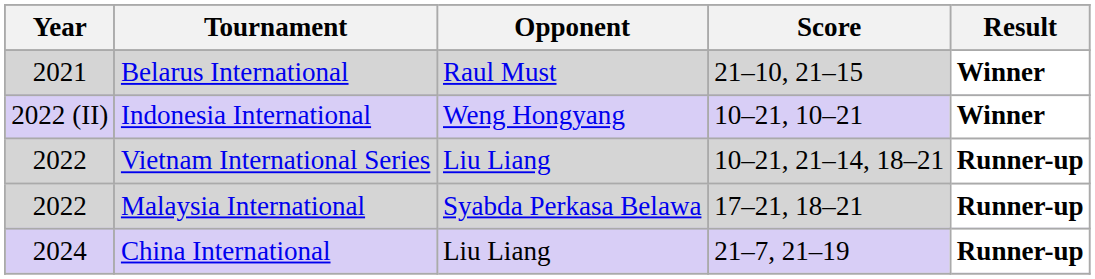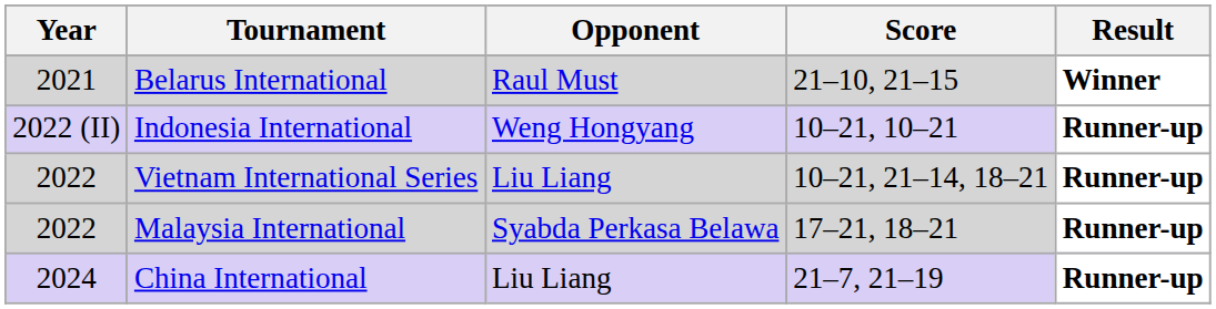 <table class="sortable wikitable" style="font-size: 90%;">
 <tr>
 <th>Year</th>
 <th>Tournament</th>
 <th>Opponent</th>
 <th>Score</th>
 <th>Result</th>
 </tr>
 <tr style="background:#D5D5D5">
 <td align="center">2021</td>
 <td align="left"><a href='#'>Belarus International</a></td>
 <td align="left"> <a href='#'>Raul Must</a></td>
 <td align="left">21–10, 21–15</td>
 <td style="text-align:left; background:white"> <strong>Winner</strong></td>
 </tr>
 <tr style="background:#D8CEF6">
 <td align="center">2022 (II)</td>
 <td align="left"><a href='#'>Indonesia International</a></td>
 <td align="left"> <a href='#'>Weng Hongyang</a></td>
 <td align="left">10–21, 10–21</td>
-<td style="text-align:left; background:white"> <strong>Winner</strong></td>
+<td style="text-align:left; background:white"> <strong>Runner-up</strong></td>
 </tr>
 <tr style="background:#D5D5D5">
 <td align="center">2022</td>
 <td align="left"><a href='#'>Vietnam International Series</a></td>
 <td align="left"> <a href='#'>Liu Liang</a></td>
 <td align="left">10–21, 21–14, 18–21</td>
 <td style="text-align:left; background:white"> <strong>Runner-up</strong></td>
 </tr>
 <tr style="background:#D5D5D5">
 <td align="center">2022</td>
 <td align="left"><a href='#'>Malaysia International</a></td>
 <td align="left"> <a href='#'>Syabda Perkasa Belawa</a></td>
 <td align="left">17–21, 18–21</td>
 <td style="text-align:left; background:white"> <strong>Runner-up</strong></td>
 </tr>
 <tr style="background:#D8CEF6">
 <td align="center">2024</td>
 <td align="left"><a href='#'>China International</a></td>
 <td align="left"> Liu Liang</td>
 <td align="left">21–7, 21–19</td>
 <td style="text-align:left; background:white"> <strong>Runner-up</strong></td>
 </tr>
 </table>
